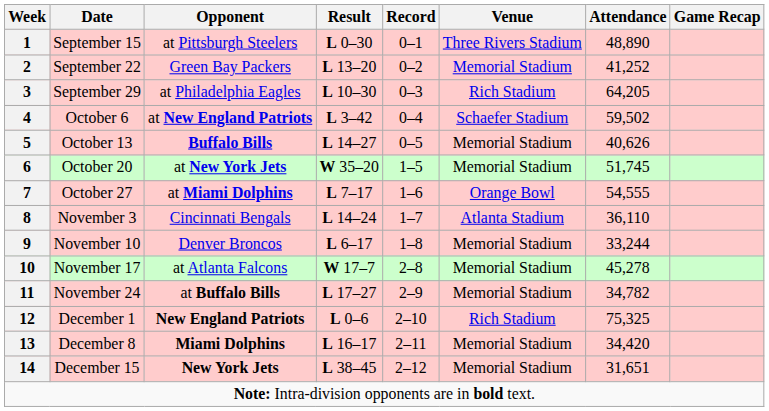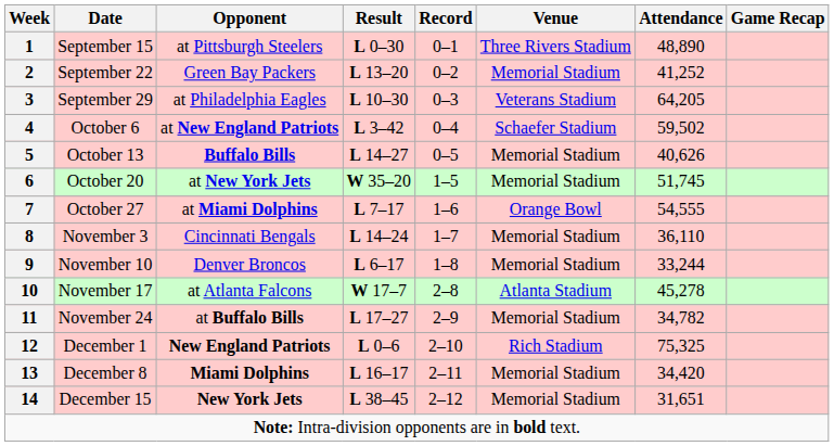 <table class="wikitable" style="text-align:center">
 <tr>
 <th>Week</th>
 <th>Date</th>
 <th>Opponent</th>
 <th>Result</th>
 <th>Record</th>
 <th>Venue</th>
 <th>Attendance</th>
 <th>Game Recap</th>
 </tr>
 <tr style="background:#fcc">
 <th>1</th>
 <td>September 15</td>
 <td>at <a href='#'>Pittsburgh Steelers</a></td>
 <td><strong>L</strong> 0–30</td>
 <td>0–1</td>
 <td><a href='#'>Three Rivers Stadium</a></td>
 <td>48,890</td>
 <td></td>
 </tr>
 <tr style="background:#fcc">
 <th>2</th>
 <td>September 22</td>
 <td><a href='#'>Green Bay Packers</a></td>
 <td><strong>L</strong> 13–20</td>
 <td>0–2</td>
 <td><a href='#'>Memorial Stadium</a></td>
 <td>41,252</td>
 <td></td>
 </tr>
 <tr style="background:#fcc">
 <th>3</th>
 <td>September 29</td>
 <td>at <a href='#'>Philadelphia Eagles</a></td>
 <td><strong>L</strong> 10–30</td>
 <td>0–3</td>
-<td><a href='#'>Rich Stadium</a></td>
+<td><a href='#'>Veterans Stadium</a></td>
 <td>64,205</td>
 <td></td>
 </tr>
 <tr style="background:#fcc">
 <th>4</th>
 <td>October 6</td>
 <td>at <strong><a href='#'>New England Patriots</a></strong></td>
 <td><strong>L</strong> 3–42</td>
 <td>0–4</td>
 <td><a href='#'>Schaefer Stadium</a></td>
 <td>59,502</td>
 <td></td>
 </tr>
 <tr style="background:#fcc">
 <th>5</th>
 <td>October 13</td>
 <td><strong><a href='#'>Buffalo Bills</a></strong></td>
 <td><strong>L</strong> 14–27</td>
 <td>0–5</td>
 <td>Memorial Stadium</td>
 <td>40,626</td>
 <td></td>
 </tr>
 <tr style="background:#cfc">
 <th>6</th>
 <td>October 20</td>
 <td>at <strong><a href='#'>New York Jets</a></strong></td>
 <td><strong>W</strong> 35–20</td>
 <td>1–5</td>
 <td>Memorial Stadium</td>
 <td>51,745</td>
 <td></td>
 </tr>
 <tr style="background:#fcc">
 <th>7</th>
 <td>October 27</td>
 <td>at <strong><a href='#'>Miami Dolphins</a></strong></td>
 <td><strong>L</strong> 7–17</td>
 <td>1–6</td>
 <td><a href='#'>Orange Bowl</a></td>
 <td>54,555</td>
 <td></td>
 </tr>
 <tr style="background:#fcc">
 <th>8</th>
 <td>November 3</td>
 <td><a href='#'>Cincinnati Bengals</a></td>
 <td><strong>L</strong> 14–24</td>
 <td>1–7</td>
-<td><a href='#'>Atlanta Stadium</a></td>
+<td>Memorial Stadium</td>
 <td>36,110</td>
 <td></td>
 </tr>
 <tr style="background:#fcc">
 <th>9</th>
 <td>November 10</td>
 <td><a href='#'>Denver Broncos</a></td>
 <td><strong>L</strong> 6–17</td>
 <td align=center>1–8</td>
 <td>Memorial Stadium</td>
 <td>33,244</td>
 <td></td>
 </tr>
 <tr style="background:#cfc">
 <th>10</th>
 <td>November 17</td>
 <td>at <a href='#'>Atlanta Falcons</a></td>
 <td><strong>W</strong> 17–7</td>
 <td>2–8</td>
-<td>Memorial Stadium</td>
+<td><a href='#'>Atlanta Stadium</a></td>
 <td>45,278</td>
 <td></td>
 </tr>
 <tr style="background:#fcc">
 <th>11</th>
 <td>November 24</td>
 <td>at <strong>Buffalo Bills</strong></td>
 <td><strong>L</strong> 17–27</td>
 <td>2–9</td>
 <td>Memorial Stadium</td>
 <td>34,782</td>
 <td></td>
 </tr>
 <tr style="background:#fcc">
 <th>12</th>
 <td>December 1</td>
 <td><strong>New England Patriots</strong></td>
 <td><strong>L</strong> 0–6</td>
 <td>2–10</td>
 <td><a href='#'>Rich Stadium</a></td>
 <td>75,325</td>
 <td></td>
 </tr>
 <tr style="background:#fcc">
 <th>13</th>
 <td>December 8</td>
 <td><strong>Miami Dolphins</strong></td>
 <td><strong>L</strong> 16–17</td>
 <td>2–11</td>
 <td>Memorial Stadium</td>
 <td>34,420</td>
 <td></td>
 </tr>
 <tr style="background:#fcc">
 <th>14</th>
 <td>December 15</td>
 <td><strong>New York Jets</strong></td>
 <td><strong>L</strong> 38–45</td>
 <td>2–12</td>
 <td>Memorial Stadium</td>
 <td>31,651</td>
 <td></td>
 </tr>
 <tr>
 <td colspan="8"><strong>Note:</strong> Intra-division opponents are in <strong>bold</strong> text.</td>
 </tr>
 </table>
